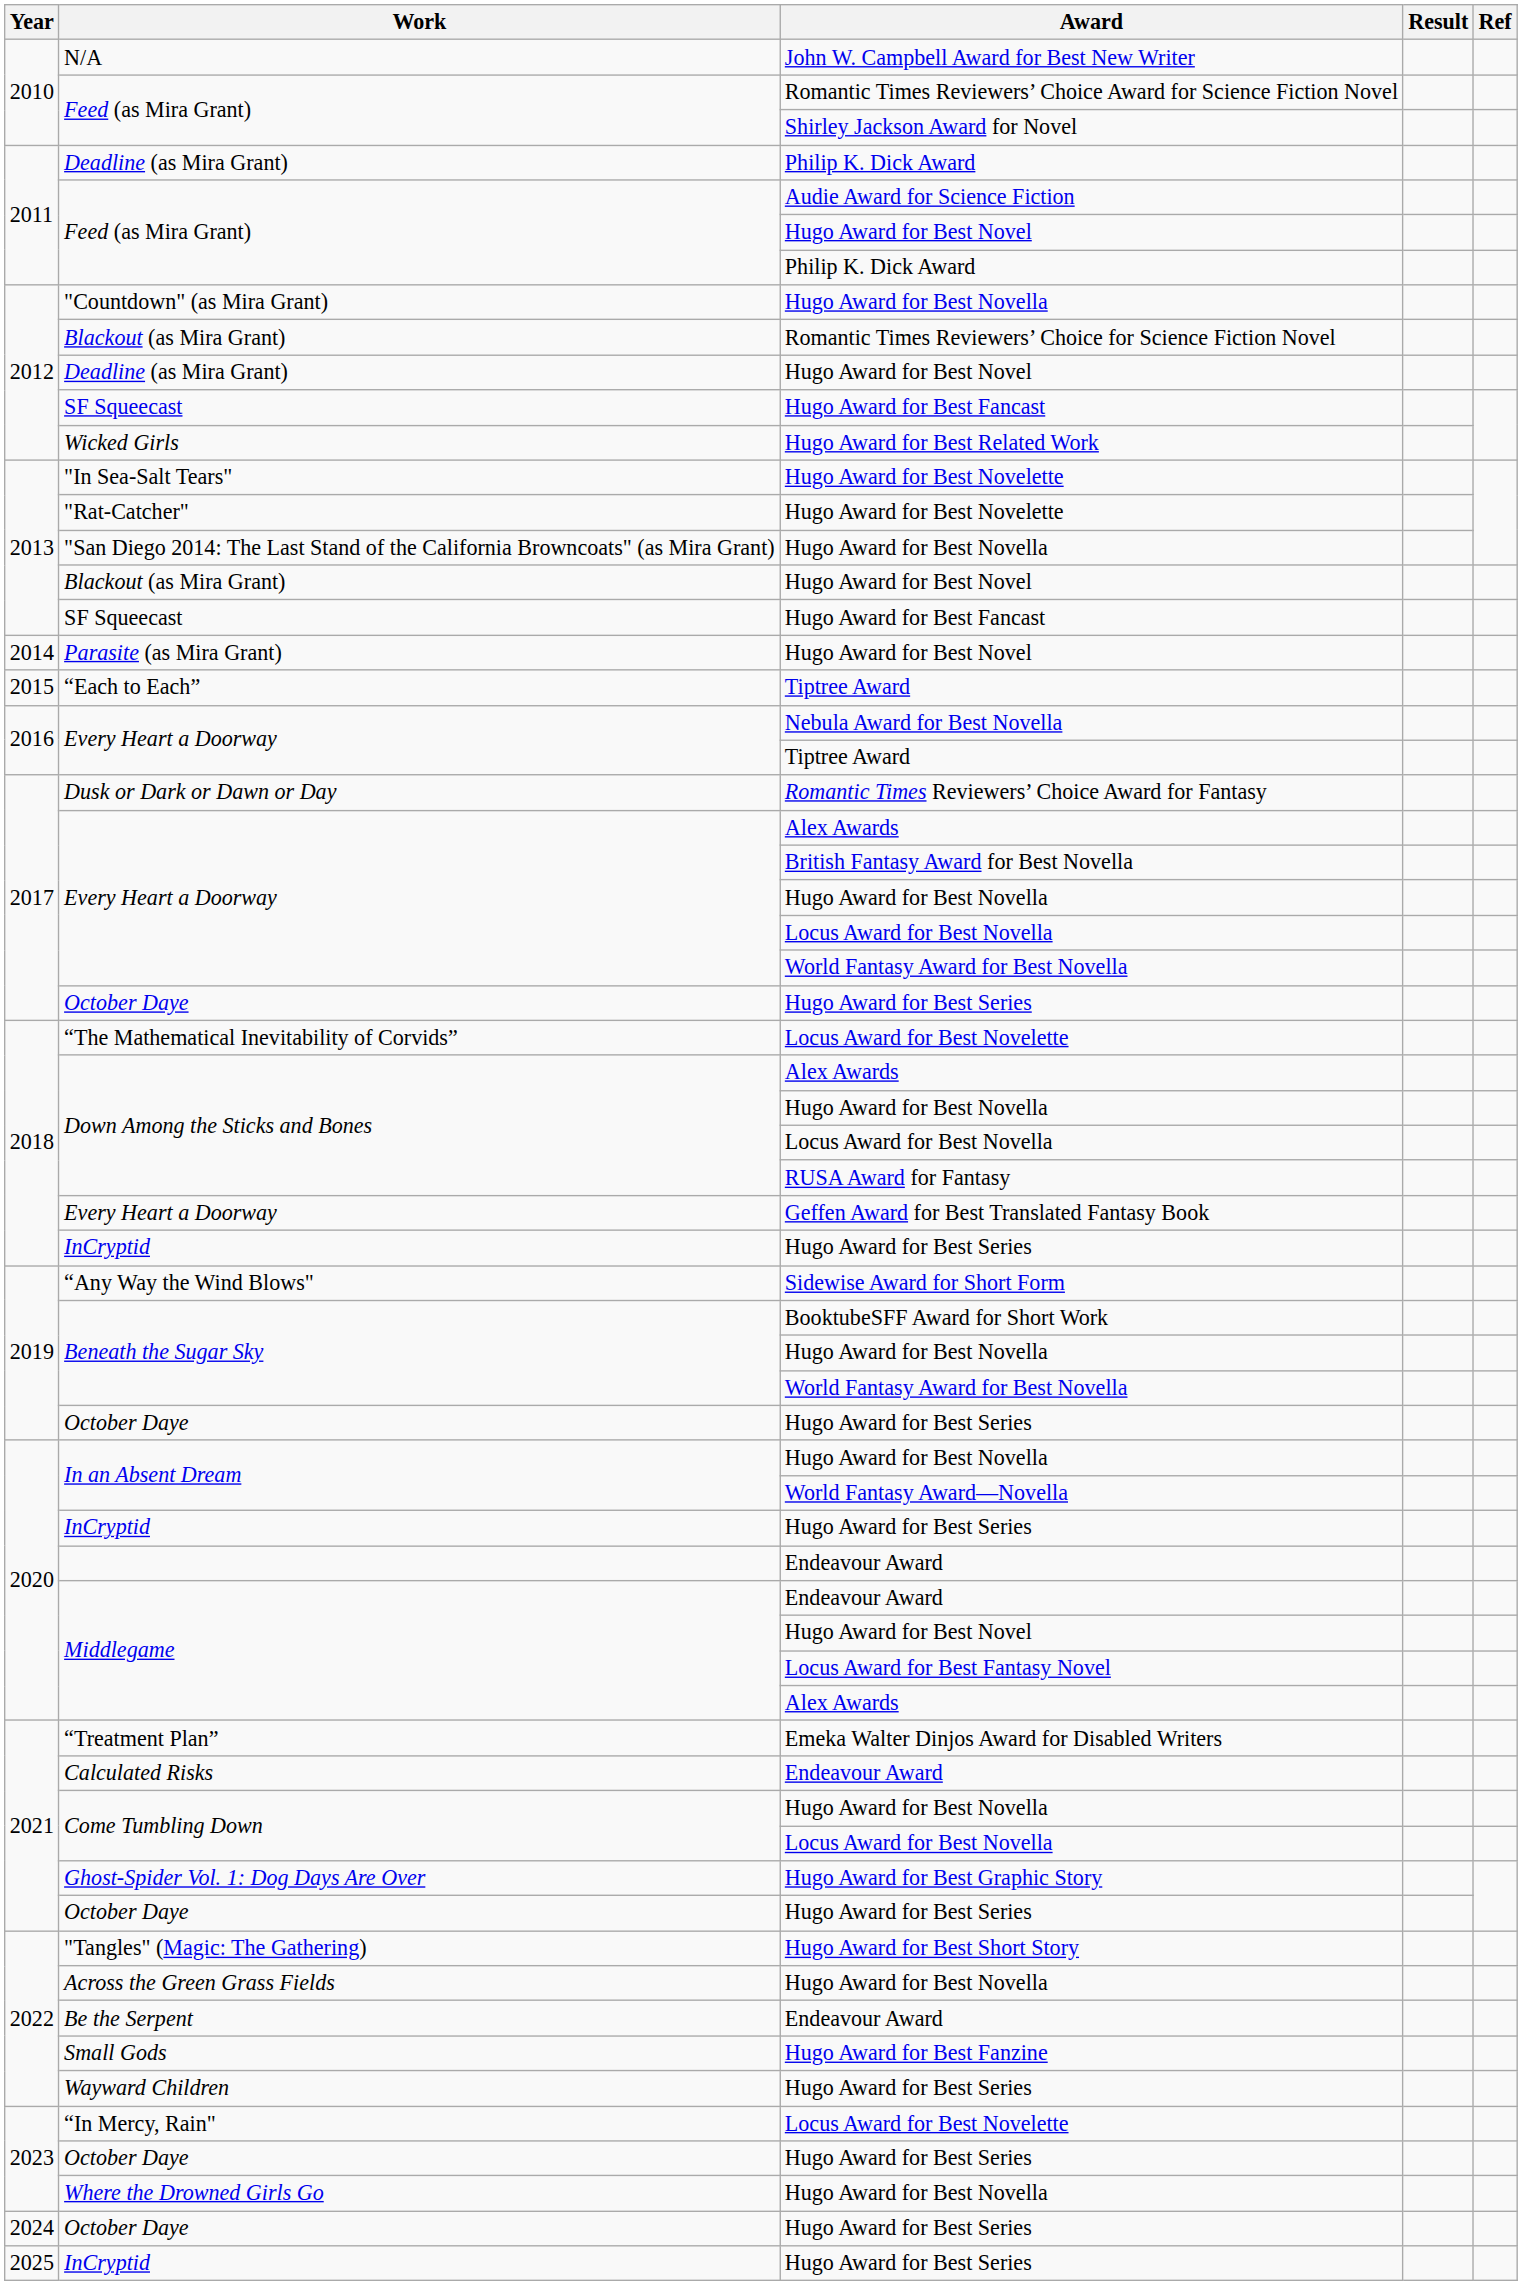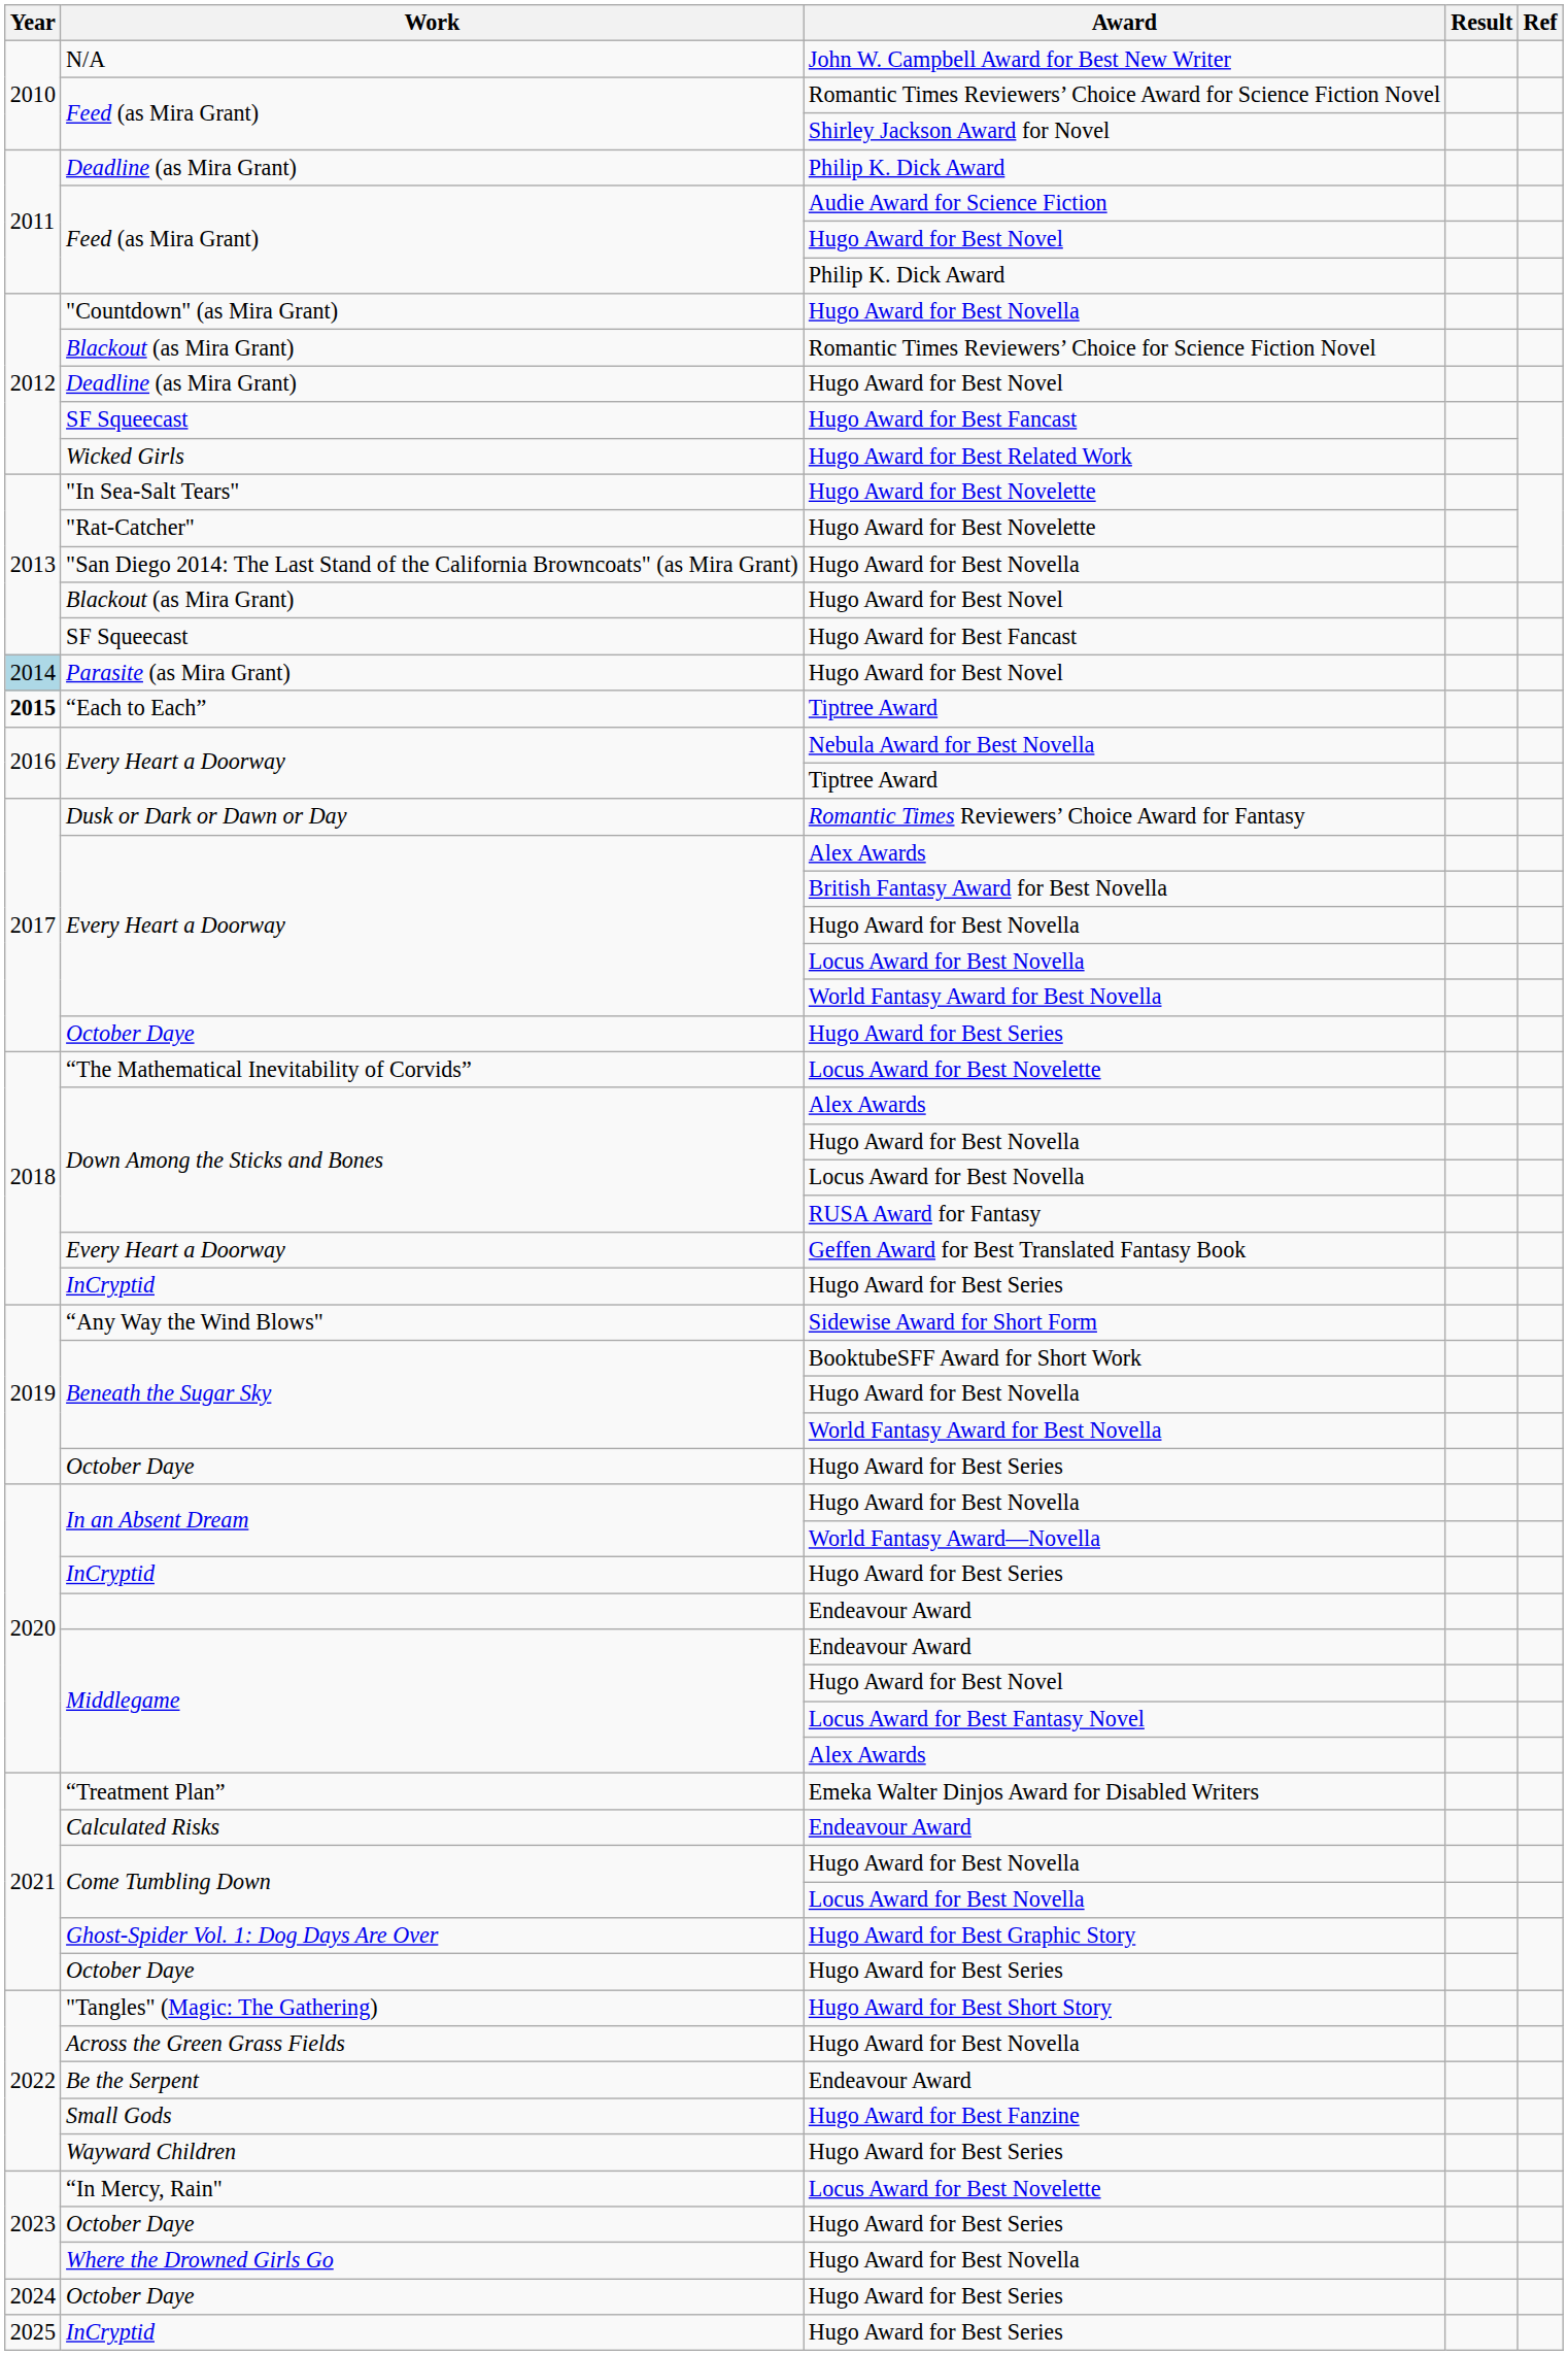 <table class="wikitable sortable mw-collapsible">
 <tr>
 <th>Year</th>
 <th>Work</th>
 <th>Award</th>
 <th>Result</th>
 <th>Ref</th>
 </tr>
 <tr>
 <td rowspan="3">2010</td>
 <td>N/A</td>
 <td><a href='#'>John W. Campbell Award for Best New Writer</a></td>
 <td></td>
 <td></td>
 </tr>
 <tr>
 <td rowspan="2"><em><a href='#'>Feed</a></em> (as Mira Grant)</td>
 <td>Romantic Times Reviewers’ Choice Award for Science Fiction Novel</td>
 <td></td>
 <td></td>
 </tr>
 <tr>
 <td><a href='#'>Shirley Jackson Award</a> for Novel</td>
 <td></td>
 <td></td>
 </tr>
 <tr>
 <td rowspan="4">2011</td>
 <td><em><a href='#'>Deadline</a></em> (as Mira Grant)</td>
 <td><a href='#'>Philip K. Dick Award</a></td>
 <td></td>
 <td></td>
 </tr>
 <tr>
 <td rowspan="3"><em>Feed</em> (as Mira Grant)</td>
 <td><a href='#'>Audie Award for Science Fiction</a></td>
 <td></td>
 <td></td>
 </tr>
 <tr>
 <td><a href='#'>Hugo Award for Best Novel</a></td>
 <td></td>
 <td></td>
 </tr>
 <tr>
 <td>Philip K. Dick Award</td>
 <td></td>
 <td></td>
 </tr>
 <tr>
 <td rowspan="5">2012</td>
 <td>"Countdown" (as Mira Grant)</td>
 <td><a href='#'>Hugo Award for Best Novella</a></td>
 <td></td>
 <td></td>
 </tr>
 <tr>
 <td><em><a href='#'>Blackout</a></em> (as Mira Grant)</td>
 <td>Romantic Times Reviewers’ Choice for Science Fiction Novel</td>
 <td></td>
 <td></td>
 </tr>
 <tr>
 <td><em><a href='#'>Deadline</a></em> (as Mira Grant)</td>
 <td>Hugo Award for Best Novel</td>
 <td></td>
 <td></td>
 </tr>
 <tr>
 <td><a href='#'>SF Squeecast</a></td>
 <td><a href='#'>Hugo Award for Best Fancast</a></td>
 <td></td>
 <td rowspan="2"></td>
 </tr>
 <tr>
 <td><em>Wicked Girls</em></td>
 <td><a href='#'>Hugo Award for Best Related Work</a></td>
 <td></td>
 </tr>
 <tr>
 <td rowspan="5">2013</td>
 <td>"In Sea-Salt Tears"</td>
 <td><a href='#'>Hugo Award for Best Novelette</a></td>
 <td></td>
 <td rowspan="3"></td>
 </tr>
 <tr>
 <td>"Rat-Catcher"</td>
 <td>Hugo Award for Best Novelette</td>
 <td></td>
 </tr>
 <tr>
 <td>"San Diego 2014: The Last Stand of the California Browncoats" (as Mira Grant)</td>
 <td>Hugo Award for Best Novella</td>
 <td></td>
 </tr>
 <tr>
 <td><em>Blackout</em> (as Mira Grant)</td>
 <td>Hugo Award for Best Novel</td>
 <td></td>
 <td></td>
 </tr>
 <tr>
 <td>SF Squeecast</td>
 <td>Hugo Award for Best Fancast</td>
 <td></td>
 <td></td>
 </tr>
 <tr>
-<td>2014</td>
+<td style="background: lightblue;">2014</td>
 <td><em><a href='#'>Parasite</a></em> (as Mira Grant)</td>
 <td>Hugo Award for Best Novel</td>
 <td></td>
 <td></td>
 </tr>
 <tr>
-<td>2015</td>
+<td><strong>2015</strong></td>
 <td>“Each to Each”</td>
 <td><a href='#'>Tiptree Award</a></td>
 <td></td>
 <td></td>
 </tr>
 <tr>
 <td rowspan="2">2016</td>
 <td rowspan="2"><em>Every Heart a Doorway</em></td>
 <td><a href='#'>Nebula Award for Best Novella</a></td>
 <td></td>
 <td></td>
 </tr>
 <tr>
 <td>Tiptree Award</td>
 <td></td>
 <td></td>
 </tr>
 <tr>
 <td rowspan="7">2017</td>
 <td><em>Dusk or Dark or Dawn or Day</em></td>
 <td><em><a href='#'>Romantic Times</a></em> Reviewers’ Choice Award for Fantasy</td>
 <td></td>
 <td></td>
 </tr>
 <tr>
 <td rowspan="5"><em>Every Heart a Doorway</em></td>
 <td><a href='#'>Alex Awards</a></td>
 <td></td>
 <td></td>
 </tr>
 <tr>
 <td><a href='#'>British Fantasy Award</a> for Best Novella</td>
 <td></td>
 <td></td>
 </tr>
 <tr>
 <td>Hugo Award for Best Novella</td>
 <td></td>
 <td></td>
 </tr>
 <tr>
 <td><a href='#'>Locus Award for Best Novella</a></td>
 <td></td>
 <td></td>
 </tr>
 <tr>
 <td><a href='#'>World Fantasy Award for Best Novella</a></td>
 <td></td>
 <td></td>
 </tr>
 <tr>
 <td><em><a href='#'>October Daye</a></em></td>
 <td><a href='#'>Hugo Award for Best Series</a></td>
 <td></td>
 <td></td>
 </tr>
 <tr>
 <td rowspan="7">2018</td>
 <td>“The Mathematical Inevitability of Corvids”</td>
 <td><a href='#'>Locus Award for Best Novelette</a></td>
 <td></td>
 <td></td>
 </tr>
 <tr>
 <td rowspan="4"><em>Down Among the Sticks and Bones</em></td>
 <td><a href='#'>Alex Awards</a></td>
 <td></td>
 <td></td>
 </tr>
 <tr>
 <td>Hugo Award for Best Novella</td>
 <td></td>
 <td></td>
 </tr>
 <tr>
 <td>Locus Award for Best Novella</td>
 <td></td>
 <td></td>
 </tr>
 <tr>
 <td><a href='#'>RUSA Award</a> for Fantasy</td>
 <td></td>
 <td></td>
 </tr>
 <tr>
 <td><em>Every Heart a Doorway</em></td>
 <td><a href='#'>Geffen Award</a> for Best Translated Fantasy Book</td>
 <td></td>
 <td></td>
 </tr>
 <tr>
 <td><em><a href='#'>InCryptid</a></em></td>
 <td>Hugo Award for Best Series</td>
 <td></td>
 <td></td>
 </tr>
 <tr>
 <td rowspan="5">2019</td>
 <td>“Any Way the Wind Blows"</td>
 <td><a href='#'>Sidewise Award for Short Form</a></td>
 <td></td>
 <td></td>
 </tr>
 <tr>
 <td rowspan="3"><em><a href='#'>Beneath the Sugar Sky</a></em></td>
 <td>BooktubeSFF Award for Short Work</td>
 <td></td>
 <td></td>
 </tr>
 <tr>
 <td>Hugo Award for Best Novella</td>
 <td></td>
 <td></td>
 </tr>
 <tr>
 <td><a href='#'>World Fantasy Award for Best Novella</a></td>
 <td></td>
 <td></td>
 </tr>
 <tr>
 <td><em>October Daye</em></td>
 <td>Hugo Award for Best Series</td>
 <td></td>
 <td></td>
 </tr>
 <tr>
 <td rowspan="8">2020</td>
 <td rowspan="2"><em><a href='#'>In an Absent Dream</a></em></td>
 <td>Hugo Award for Best Novella</td>
 <td></td>
 <td></td>
 </tr>
 <tr>
 <td><a href='#'>World Fantasy Award—Novella</a></td>
 <td></td>
 <td></td>
 </tr>
 <tr>
 <td><em><a href='#'>InCryptid</a></em></td>
 <td>Hugo Award for Best Series</td>
 <td></td>
 <td></td>
 </tr>
 <tr>
 <td></td>
 <td>Endeavour Award</td>
 <td></td>
 <td></td>
 </tr>
 <tr>
 <td rowspan="4"><em><a href='#'>Middlegame</a></em></td>
 <td>Endeavour Award</td>
 <td></td>
 <td></td>
 </tr>
 <tr>
 <td>Hugo Award for Best Novel</td>
 <td></td>
 <td></td>
 </tr>
 <tr>
 <td><a href='#'>Locus Award for Best Fantasy Novel</a></td>
 <td></td>
 <td></td>
 </tr>
 <tr>
 <td><a href='#'>Alex Awards</a></td>
 <td></td>
 <td></td>
 </tr>
 <tr>
 <td rowspan="6">2021</td>
 <td>“Treatment Plan”</td>
 <td>Emeka Walter Dinjos Award for Disabled Writers</td>
 <td></td>
 <td></td>
 </tr>
 <tr>
 <td><em>Calculated Risks</em></td>
 <td><a href='#'>Endeavour Award</a></td>
 <td></td>
 <td></td>
 </tr>
 <tr>
 <td rowspan="2"><em>Come Tumbling Down</em></td>
 <td>Hugo Award for Best Novella</td>
 <td></td>
 <td></td>
 </tr>
 <tr>
 <td><a href='#'>Locus Award for Best Novella</a></td>
 <td></td>
 <td></td>
 </tr>
 <tr>
 <td><em><a href='#'>Ghost-Spider Vol. 1: Dog Days Are Over</a></em></td>
 <td><a href='#'>Hugo Award for Best Graphic Story</a></td>
 <td></td>
 <td rowspan="2"></td>
 </tr>
 <tr>
 <td><em>October Daye</em></td>
 <td>Hugo Award for Best Series</td>
 <td></td>
 </tr>
 <tr>
 <td rowspan="5">2022</td>
 <td>"Tangles" (<a href='#'>Magic: The Gathering</a>)</td>
 <td><a href='#'>Hugo Award for Best Short Story</a></td>
 <td></td>
 <td></td>
 </tr>
 <tr>
 <td><em>Across the Green Grass Fields</em></td>
 <td>Hugo Award for Best Novella</td>
 <td></td>
 <td></td>
 </tr>
 <tr>
 <td><em>Be the Serpent</em></td>
 <td>Endeavour Award</td>
 <td></td>
 <td></td>
 </tr>
 <tr>
 <td><em>Small Gods</em></td>
 <td><a href='#'>Hugo Award for Best Fanzine</a></td>
 <td></td>
 <td></td>
 </tr>
 <tr>
 <td><em>Wayward Children</em></td>
 <td>Hugo Award for Best Series</td>
 <td></td>
 <td></td>
 </tr>
 <tr>
 <td rowspan="3">2023</td>
 <td>“In Mercy, Rain"</td>
 <td><a href='#'>Locus Award for Best Novelette</a></td>
 <td></td>
 <td></td>
 </tr>
 <tr>
 <td><em>October Daye</em></td>
 <td>Hugo Award for Best Series</td>
 <td></td>
 <td></td>
 </tr>
 <tr>
 <td><em><a href='#'>Where the Drowned Girls Go</a></em></td>
 <td>Hugo Award for Best Novella</td>
 <td></td>
 <td></td>
 </tr>
 <tr>
 <td>2024</td>
 <td><em>October Daye</em></td>
 <td>Hugo Award for Best Series</td>
 <td></td>
 <td></td>
 </tr>
 <tr>
 <td>2025</td>
 <td><em><a href='#'>InCryptid</a></em></td>
 <td>Hugo Award for Best Series</td>
 <td></td>
 <td></td>
 </tr>
 </table>
